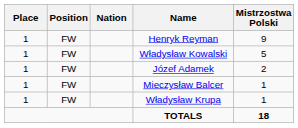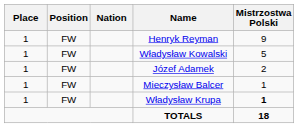 <table class="wikitable" style="font-size: 95%; text-align: center;">
 <tr>
 <th width=60>Place</th>
 <th width=60>Position</th>
 <th width=60>Nation</th>
 <th width=150>Name</th>
 <th width=80>Mistrzostwa Polski</th>
 </tr>
 <tr>
 <td>1</td>
 <td>FW</td>
 <td></td>
 <td><a href='#'>Henryk Reyman</a></td>
 <td>9</td>
 </tr>
 <tr>
 <td>1</td>
 <td>FW</td>
 <td></td>
 <td><a href='#'>Władysław Kowalski</a></td>
 <td>5</td>
 </tr>
 <tr>
 <td>1</td>
 <td>FW</td>
 <td></td>
 <td><a href='#'>Józef Adamek</a></td>
 <td>2</td>
 </tr>
 <tr>
 <td>1</td>
 <td>FW</td>
 <td></td>
 <td><a href='#'>Mieczysław Balcer</a></td>
 <td>1</td>
 </tr>
 <tr>
 <td>1</td>
 <td>FW</td>
 <td></td>
 <td><a href='#'>Władysław Krupa</a></td>
-<td>1</td>
+<td><strong>1</strong></td>
 </tr>
 <tr>
 <td colspan="3"></td>
 <td><strong>TOTALS</strong></td>
 <td><strong>18</strong></td>
 </tr>
 </table>
